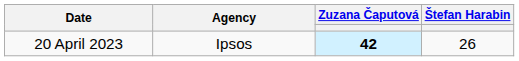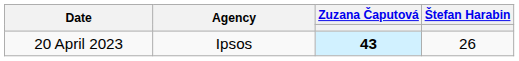 <table class="wikitable" style="text-align:center;">
 <tr style="font-size:80%;">
 <th style="width:150px;" rowspan="2">Date</th>
 <th style="width:165px;" rowspan="2">Agency</th>
 <th><a href='#'>Zuzana Čaputová</a></th>
 <th><a href='#'>Štefan Harabin</a></th>
 </tr>
 <tr>
 <th style="background:"></th>
 <th style="background:"></th>
 </tr>
 <tr>
 <td>20 April 2023</td>
 <td>Ipsos</td>
-<td style="background:#D1F1FF"><strong>42</strong></td>
+<td style="background:#D1F1FF"><strong>43</strong></td>
 <td>26</td>
 </tr>
 </table>
